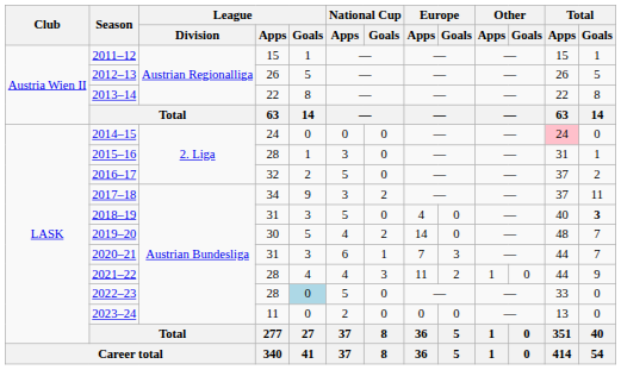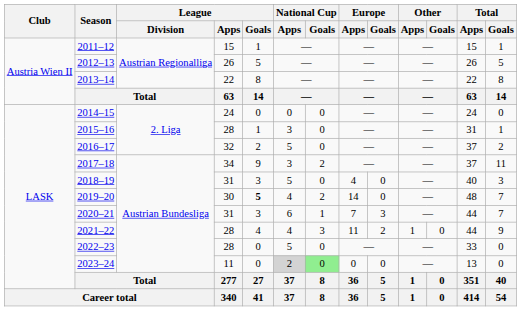 <table class="wikitable" style="text-align:center">
 <tr>
 <th rowspan="2">Club</th>
 <th rowspan="2">Season</th>
 <th colspan="3">League</th>
 <th colspan="2">National Cup</th>
 <th colspan="2">Europe</th>
 <th colspan="2">Other</th>
 <th colspan="2">Total</th>
 </tr>
 <tr>
 <th>Division</th>
 <th>Apps</th>
 <th>Goals</th>
 <th>Apps</th>
 <th>Goals</th>
 <th>Apps</th>
 <th>Goals</th>
 <th>Apps</th>
 <th>Goals</th>
 <th>Apps</th>
 <th>Goals</th>
 </tr>
 <tr>
 <td rowspan="4"><a href='#'>Austria Wien II</a></td>
 <td><a href='#'>2011–12</a></td>
 <td rowspan="3"><a href='#'>Austrian Regionalliga</a></td>
 <td>15</td>
 <td>1</td>
 <td colspan="2">—</td>
 <td colspan="2">—</td>
 <td colspan="2">—</td>
 <td>15</td>
 <td>1</td>
 </tr>
 <tr>
 <td><a href='#'>2012–13</a></td>
 <td>26</td>
 <td>5</td>
 <td colspan="2">—</td>
 <td colspan="2">—</td>
 <td colspan="2">—</td>
 <td>26</td>
 <td>5</td>
 </tr>
 <tr>
 <td><a href='#'>2013–14</a></td>
 <td>22</td>
 <td>8</td>
 <td colspan="2">—</td>
 <td colspan="2">—</td>
 <td colspan="2">—</td>
 <td>22</td>
 <td>8</td>
 </tr>
 <tr>
 <th colspan="2">Total</th>
 <th>63</th>
 <th>14</th>
 <th colspan="2">—</th>
 <th colspan="2">—</th>
 <th colspan="2">—</th>
 <th>63</th>
 <th>14</th>
 </tr>
 <tr>
 <td rowspan="11"><a href='#'>LASK</a></td>
 <td><a href='#'>2014–15</a></td>
 <td rowspan="3"><a href='#'>2. Liga</a></td>
 <td>24</td>
 <td>0</td>
 <td>0</td>
 <td>0</td>
 <td colspan="2">—</td>
 <td colspan="2">—</td>
-<td style="background: pink;">24</td>
+<td>24</td>
 <td>0</td>
 </tr>
 <tr>
 <td><a href='#'>2015–16</a></td>
 <td>28</td>
 <td>1</td>
 <td>3</td>
 <td>0</td>
 <td colspan="2">—</td>
 <td colspan="2">—</td>
 <td>31</td>
 <td>1</td>
 </tr>
 <tr>
 <td><a href='#'>2016–17</a></td>
 <td>32</td>
 <td>2</td>
 <td>5</td>
 <td>0</td>
 <td colspan="2">—</td>
 <td colspan="2">—</td>
 <td>37</td>
 <td>2</td>
 </tr>
 <tr>
 <td><a href='#'>2017–18</a></td>
 <td rowspan="7"><a href='#'>Austrian Bundesliga</a></td>
 <td>34</td>
 <td>9</td>
 <td>3</td>
 <td>2</td>
 <td colspan="2">—</td>
 <td colspan="2">—</td>
 <td>37</td>
 <td>11</td>
 </tr>
 <tr>
 <td><a href='#'>2018–19</a></td>
 <td>31</td>
 <td>3</td>
 <td>5</td>
 <td>0</td>
 <td>4</td>
 <td>0</td>
 <td colspan="2">—</td>
 <td>40</td>
-<td><strong>3</strong></td>
+<td>3</td>
 </tr>
 <tr>
 <td><a href='#'>2019–20</a></td>
 <td>30</td>
-<td>5</td>
+<td><strong>5</strong></td>
 <td>4</td>
 <td>2</td>
 <td>14</td>
 <td>0</td>
 <td colspan="2">—</td>
 <td>48</td>
 <td>7</td>
 </tr>
 <tr>
 <td><a href='#'>2020–21</a></td>
 <td>31</td>
 <td>3</td>
 <td>6</td>
 <td>1</td>
 <td>7</td>
 <td>3</td>
 <td colspan="2">—</td>
 <td>44</td>
 <td>7</td>
 </tr>
 <tr>
 <td><a href='#'>2021–22</a></td>
 <td>28</td>
 <td>4</td>
 <td>4</td>
 <td>3</td>
 <td>11</td>
 <td>2</td>
 <td>1</td>
 <td>0</td>
 <td>44</td>
 <td>9</td>
 </tr>
 <tr>
 <td><a href='#'>2022–23</a></td>
 <td>28</td>
-<td style="background: lightblue;">0</td>
+<td>0</td>
 <td>5</td>
 <td>0</td>
 <td colspan="2">—</td>
 <td colspan="2">—</td>
 <td>33</td>
 <td>0</td>
 </tr>
 <tr>
 <td><a href='#'>2023–24</a></td>
 <td>11</td>
 <td>0</td>
-<td>2</td>
-<td>0</td>
+<td style="background: lightgrey;">2</td>
+<td style="background: lightgreen;">0</td>
 <td>0</td>
 <td>0</td>
 <td colspan="2">—</td>
 <td>13</td>
 <td>0</td>
 </tr>
 <tr>
 <th colspan="2">Total</th>
 <th>277</th>
 <th>27</th>
 <th>37</th>
 <th>8</th>
 <th>36</th>
 <th>5</th>
 <th>1</th>
 <th>0</th>
 <th>351</th>
 <th>40</th>
 </tr>
 <tr>
 <th colspan="3">Career total</th>
 <th>340</th>
 <th>41</th>
 <th>37</th>
 <th>8</th>
 <th>36</th>
 <th>5</th>
 <th>1</th>
 <th>0</th>
 <th>414</th>
 <th>54</th>
 </tr>
 </table>
